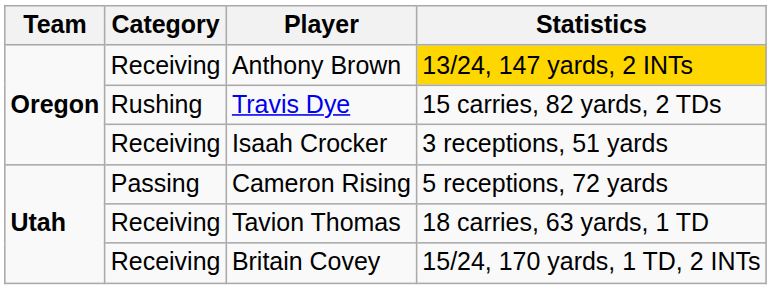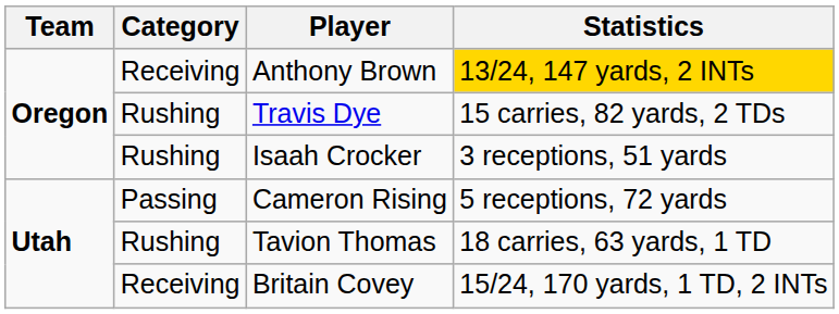 <table class="wikitable" style="float: left;">
 <tr>
 <th>Team</th>
 <th>Category</th>
 <th>Player</th>
 <th>Statistics</th>
 </tr>
 <tr>
 <td rowspan=3><strong>Oregon</strong></td>
 <td>Receiving</td>
 <td>Anthony Brown</td>
 <td style="background: gold;">13/24, 147 yards, 2 INTs</td>
 </tr>
 <tr>
 <td>Rushing</td>
 <td><a href='#'>Travis Dye</a></td>
 <td>15 carries, 82 yards, 2 TDs</td>
 </tr>
 <tr>
-<td>Receiving</td>
+<td>Rushing</td>
 <td>Isaah Crocker</td>
 <td>3 receptions, 51 yards</td>
 </tr>
 <tr>
 <td rowspan=3><strong>Utah</strong></td>
 <td>Passing</td>
 <td>Cameron Rising</td>
 <td>5 receptions, 72 yards</td>
 </tr>
 <tr>
-<td>Receiving</td>
+<td>Rushing</td>
 <td>Tavion Thomas</td>
 <td>18 carries, 63 yards, 1 TD</td>
 </tr>
 <tr>
 <td>Receiving</td>
 <td>Britain Covey</td>
 <td>15/24, 170 yards, 1 TD, 2 INTs</td>
 </tr>
 </table>
